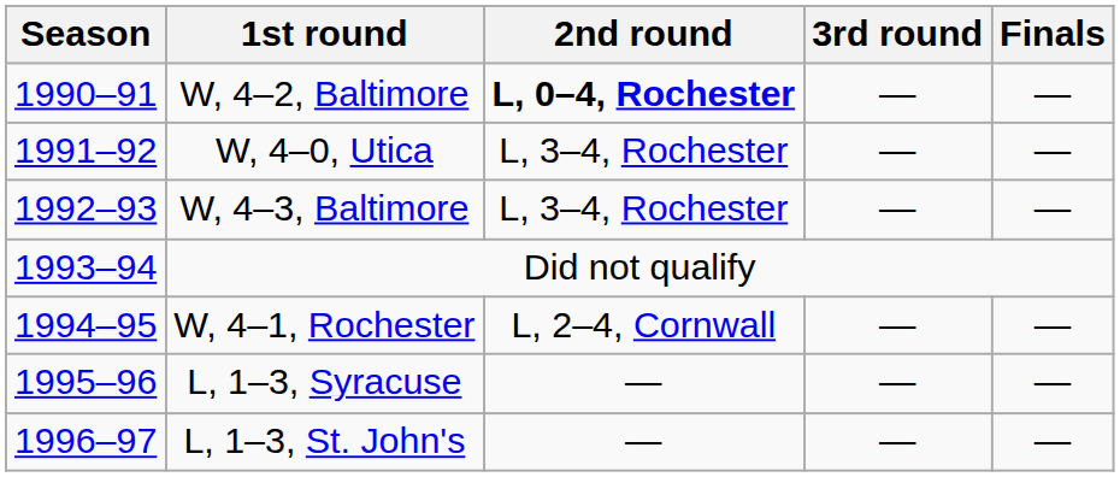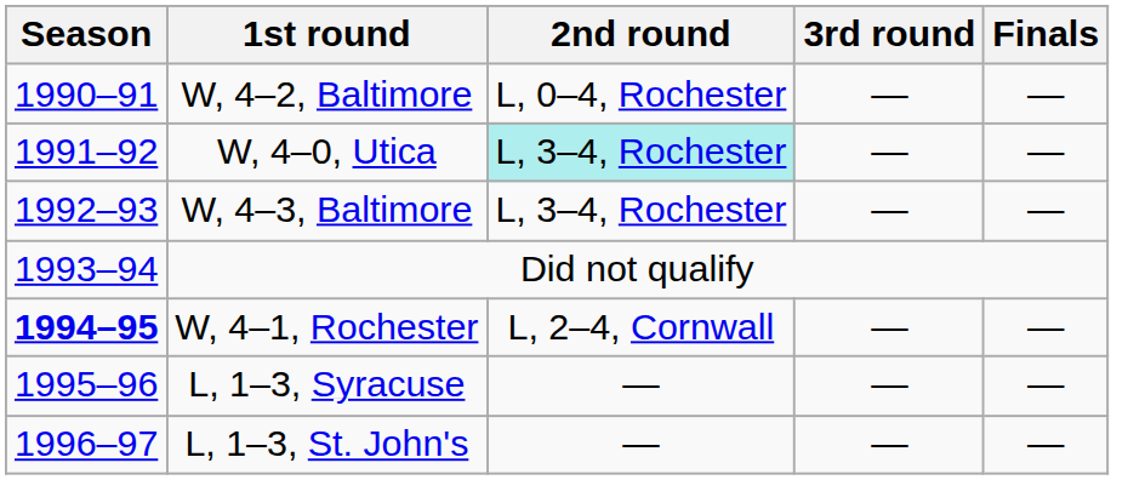 <table class="wikitable" style="text-align:center">
 <tr>
 <th>Season</th>
 <th>1st round</th>
 <th>2nd round</th>
 <th>3rd round</th>
 <th>Finals</th>
 </tr>
 <tr>
 <td><a href='#'>1990–91</a></td>
 <td>W, 4–2, <a href='#'>Baltimore</a></td>
-<td><strong>L, 0–4, <a href='#'>Rochester</a></strong></td>
+<td>L, 0–4, <a href='#'>Rochester</a></td>
 <td>—</td>
 <td>—</td>
 </tr>
 <tr>
 <td><a href='#'>1991–92</a></td>
 <td>W, 4–0, <a href='#'>Utica</a></td>
-<td>L, 3–4, <a href='#'>Rochester</a></td>
+<td style="background: paleturquoise;">L, 3–4, <a href='#'>Rochester</a></td>
 <td>—</td>
 <td>—</td>
 </tr>
 <tr>
 <td><a href='#'>1992–93</a></td>
 <td>W, 4–3, <a href='#'>Baltimore</a></td>
 <td>L, 3–4, <a href='#'>Rochester</a></td>
 <td>—</td>
 <td>—</td>
 </tr>
 <tr>
 <td><a href='#'>1993–94</a></td>
 <td colspan="4">Did not qualify</td>
 </tr>
 <tr>
-<td><a href='#'>1994–95</a></td>
+<td><strong><a href='#'>1994–95</a></strong></td>
 <td>W, 4–1, <a href='#'>Rochester</a></td>
 <td>L, 2–4, <a href='#'>Cornwall</a></td>
 <td>—</td>
 <td>—</td>
 </tr>
 <tr>
 <td><a href='#'>1995–96</a></td>
 <td>L, 1–3, <a href='#'>Syracuse</a></td>
 <td>—</td>
 <td>—</td>
 <td>—</td>
 </tr>
 <tr>
 <td><a href='#'>1996–97</a></td>
 <td>L, 1–3, <a href='#'>St. John's</a></td>
 <td>—</td>
 <td>—</td>
 <td>—</td>
 </tr>
 </table>
